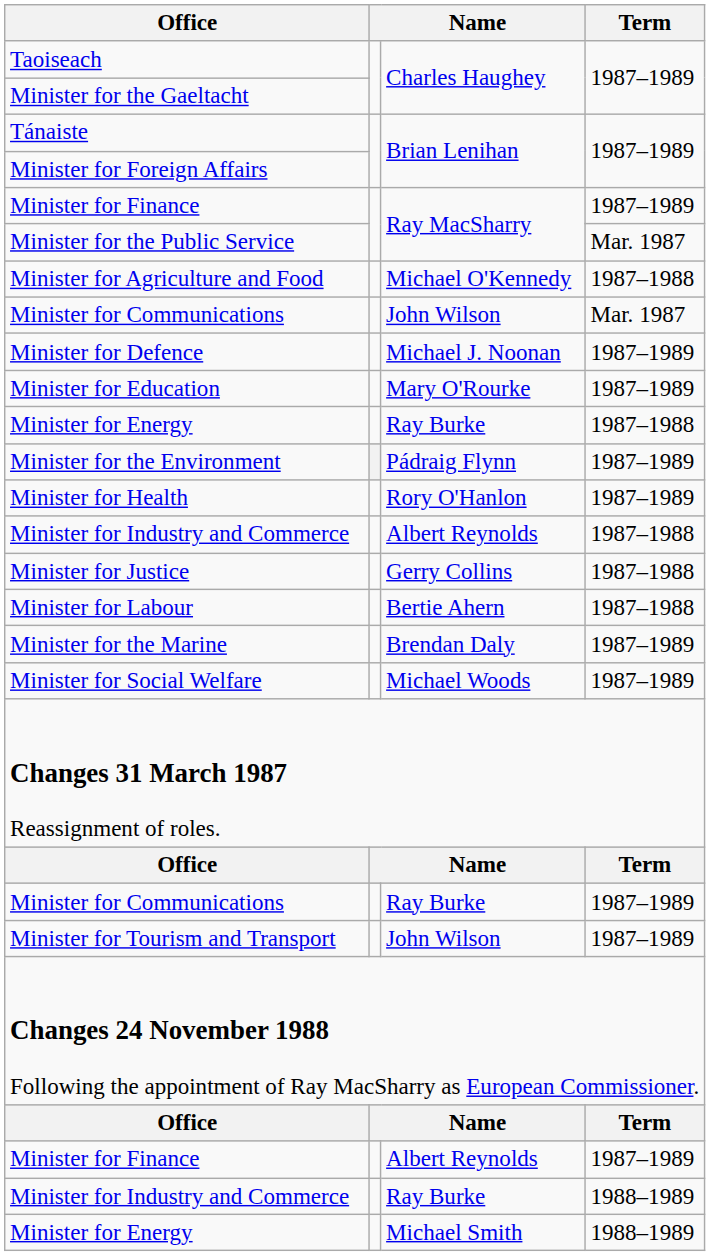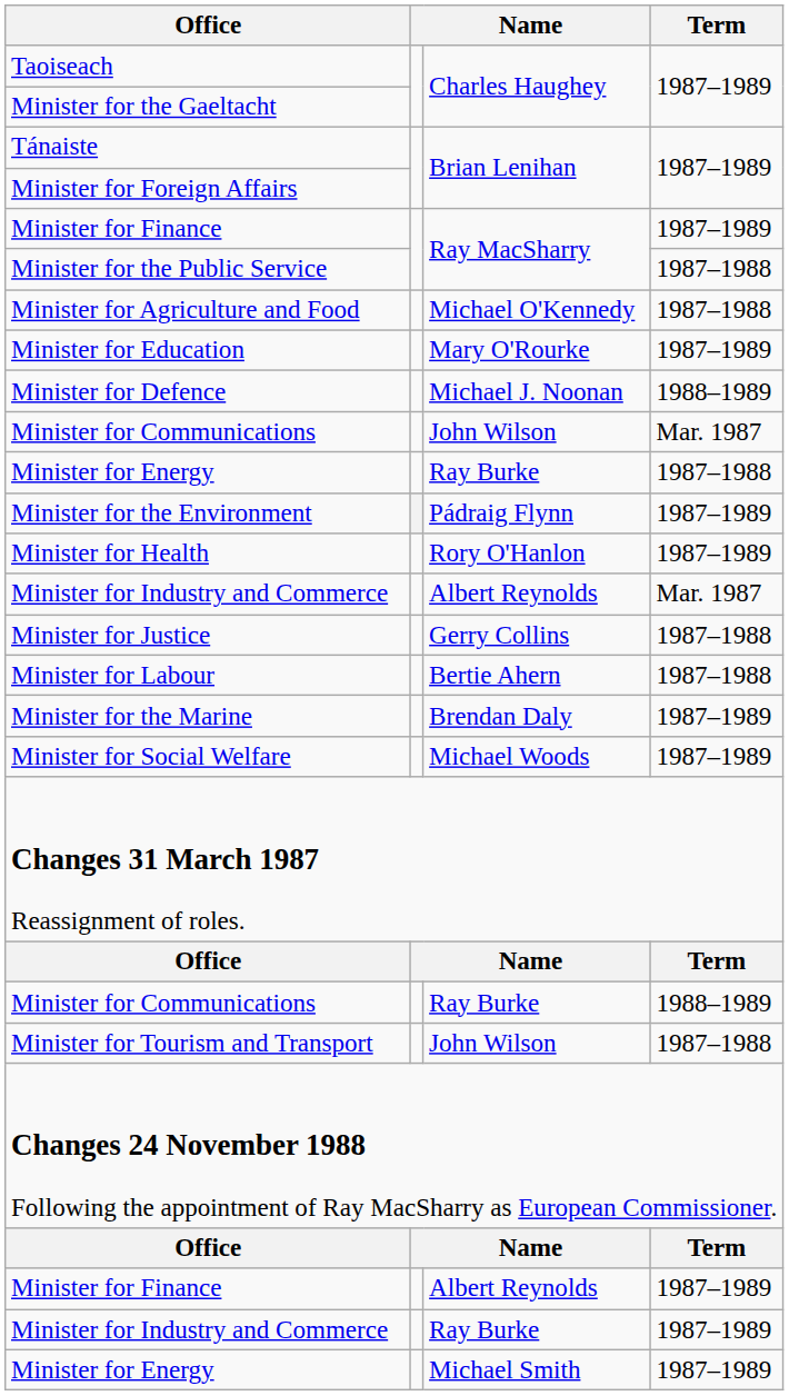 <table class="wikitable">
 <tr>
 <th>Office</th>
 <th colspan="2">Name</th>
 <th>Term</th>
 </tr>
 <tr>
 <td><a href='#'>Taoiseach</a></td>
 <td rowspan=2 style="background-color: "></td>
 <td rowspan=2><a href='#'>Charles Haughey</a></td>
 <td rowspan=2>1987–1989</td>
 </tr>
 <tr>
 <td><a href='#'>Minister for the Gaeltacht</a></td>
 </tr>
 <tr>
 <td><a href='#'>Tánaiste</a></td>
 <td rowspan=2 style="background-color: "></td>
 <td rowspan=2><a href='#'>Brian Lenihan</a></td>
 <td rowspan=2>1987–1989</td>
 </tr>
 <tr>
 <td><a href='#'>Minister for Foreign Affairs</a></td>
 </tr>
 <tr>
 <td><a href='#'>Minister for Finance</a></td>
 <td rowspan=2 style="background-color: "></td>
 <td rowspan=2><a href='#'>Ray MacSharry</a></td>
 <td>1987–1989</td>
 </tr>
 <tr>
 <td><a href='#'>Minister for the Public Service</a></td>
-<td>Mar. 1987</td>
+<td>1987–1988</td>
 </tr>
 <tr>
 <td><a href='#'>Minister for Agriculture and Food</a></td>
 <td style="background-color: "></td>
 <td><a href='#'>Michael O'Kennedy</a></td>
 <td>1987–1988</td>
 </tr>
 <tr>
-<td><a href='#'>Minister for Communications</a></td>
+<td><a href='#'>Minister for Education</a></td>
 <td style="background-color: "></td>
-<td><a href='#'>John Wilson</a></td>
-<td>Mar. 1987</td>
+<td><a href='#'>Mary O'Rourke</a></td>
+<td>1987–1989</td>
 </tr>
 <tr>
 <td><a href='#'>Minister for Defence</a></td>
 <td style="background-color: "></td>
 <td><a href='#'>Michael J. Noonan</a></td>
-<td>1987–1989</td>
+<td>1988–1989</td>
 </tr>
 <tr>
-<td><a href='#'>Minister for Education</a></td>
+<td><a href='#'>Minister for Communications</a></td>
 <td style="background-color: "></td>
-<td><a href='#'>Mary O'Rourke</a></td>
-<td>1987–1989</td>
+<td><a href='#'>John Wilson</a></td>
+<td>Mar. 1987</td>
 </tr>
 <tr>
 <td><a href='#'>Minister for Energy</a></td>
 <td style="background-color: "></td>
 <td><a href='#'>Ray Burke</a></td>
 <td>1987–1988</td>
 </tr>
 <tr>
 <td><a href='#'>Minister for the Environment</a></td>
 <th style="background-color: "></th>
 <td><a href='#'>Pádraig Flynn</a></td>
 <td>1987–1989</td>
 </tr>
 <tr>
 <td><a href='#'>Minister for Health</a></td>
 <td style="background-color: "></td>
 <td><a href='#'>Rory O'Hanlon</a></td>
 <td>1987–1989</td>
 </tr>
 <tr>
 <td><a href='#'>Minister for Industry and Commerce</a></td>
 <td style="background-color: "></td>
 <td><a href='#'>Albert Reynolds</a></td>
-<td>1987–1988</td>
+<td>Mar. 1987</td>
 </tr>
 <tr>
 <td><a href='#'>Minister for Justice</a></td>
 <td style="background-color: "></td>
 <td><a href='#'>Gerry Collins</a></td>
 <td>1987–1988</td>
 </tr>
 <tr>
 <td><a href='#'>Minister for Labour</a></td>
 <td style="background-color: "></td>
 <td><a href='#'>Bertie Ahern</a></td>
 <td>1987–1988</td>
 </tr>
 <tr>
 <td><a href='#'>Minister for the Marine</a></td>
 <td style="background-color: "></td>
 <td><a href='#'>Brendan Daly</a></td>
 <td>1987–1989</td>
 </tr>
 <tr>
 <td><a href='#'>Minister for Social Welfare</a></td>
 <td style="background-color: "></td>
 <td><a href='#'>Michael Woods</a></td>
 <td>1987–1989</td>
 </tr>
 <tr>
 <td colspan="4"><br><h3>Changes 31 March 1987</h3>Reassignment of roles.</td>
 </tr>
 <tr>
 <th>Office</th>
 <th colspan="2">Name</th>
 <th>Term</th>
 </tr>
 <tr>
 <td><a href='#'>Minister for Communications</a></td>
 <td style="background-color: "></td>
 <td><a href='#'>Ray Burke</a></td>
-<td>1987–1989</td>
+<td>1988–1989</td>
 </tr>
 <tr>
 <td><a href='#'>Minister for Tourism and Transport</a></td>
 <td style="background-color: "></td>
 <td><a href='#'>John Wilson</a></td>
-<td>1987–1989</td>
+<td>1987–1988</td>
 </tr>
 <tr>
 <td colspan="4"><br><h3>Changes 24 November 1988</h3>Following the appointment of Ray MacSharry as <a href='#'>European Commissioner</a>.</td>
 </tr>
 <tr>
 <th>Office</th>
 <th colspan="2">Name</th>
 <th>Term</th>
 </tr>
 <tr>
 <td><a href='#'>Minister for Finance</a></td>
 <td style="background-color: "></td>
 <td><a href='#'>Albert Reynolds</a></td>
 <td>1987–1989</td>
 </tr>
 <tr>
 <td><a href='#'>Minister for Industry and Commerce</a></td>
 <td style="background-color: "></td>
 <td><a href='#'>Ray Burke</a></td>
-<td>1988–1989</td>
+<td>1987–1989</td>
 </tr>
 <tr>
 <td><a href='#'>Minister for Energy</a></td>
 <td style="background-color: "></td>
 <td><a href='#'>Michael Smith</a></td>
-<td>1988–1989</td>
+<td>1987–1989</td>
 </tr>
 </table>
